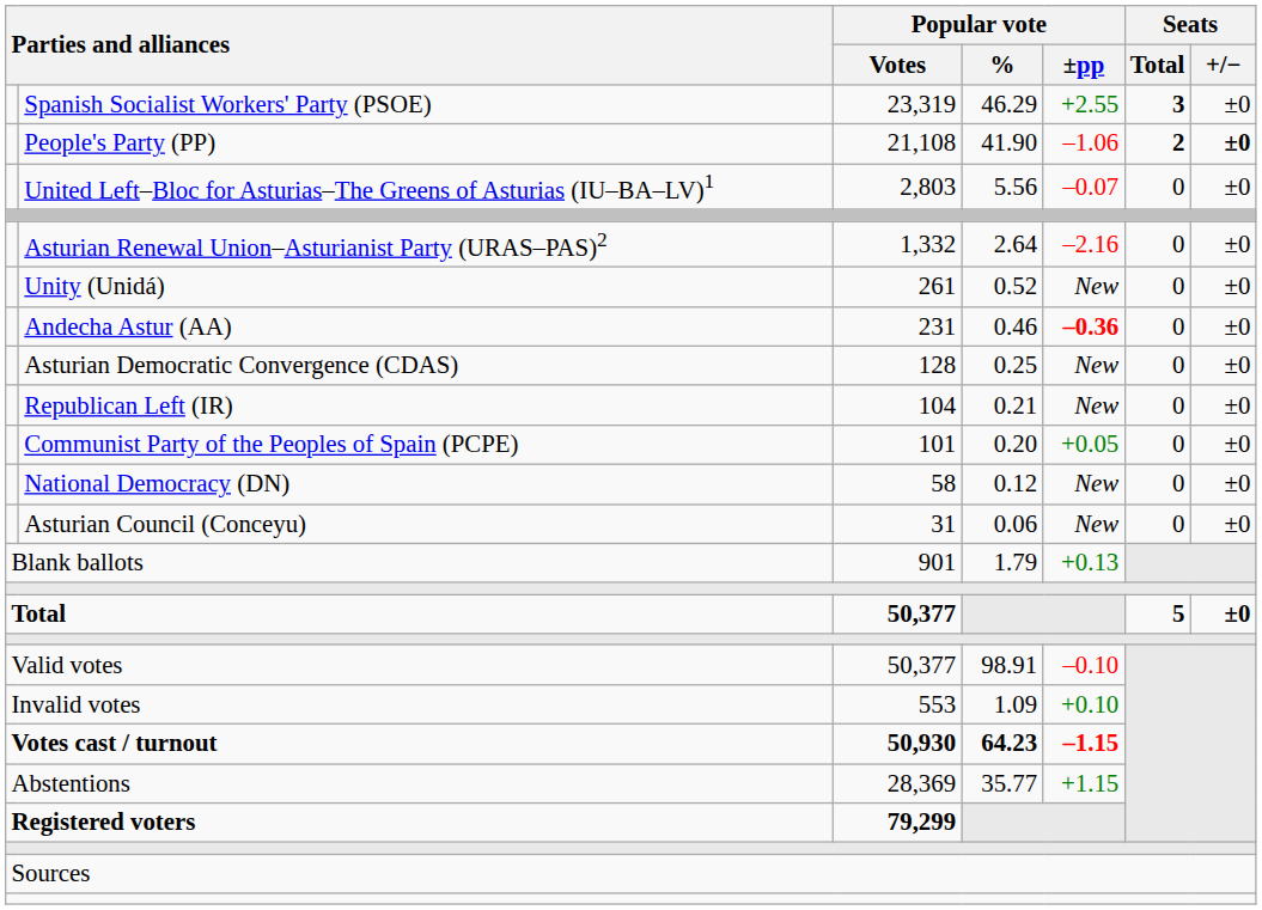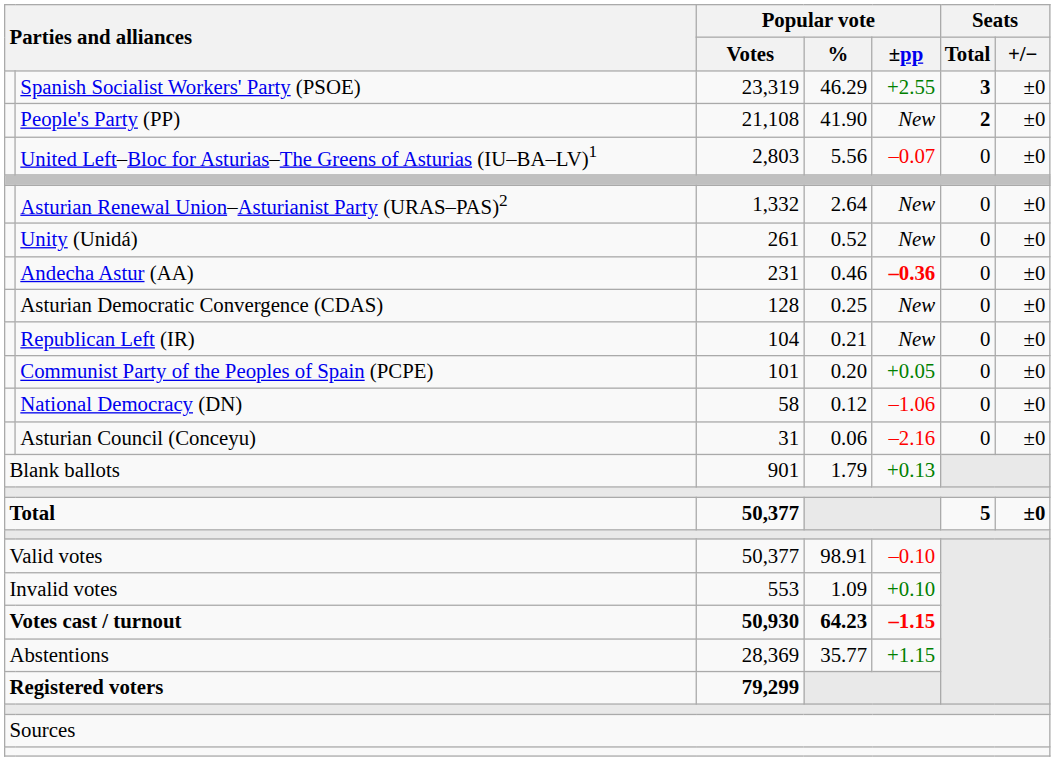 <table class="wikitable" style="text-align:right;">
 <tr>
 <th style="text-align:left;" rowspan="2" colspan="2" width="525">Parties and alliances</th>
 <th colspan="3">Popular vote</th>
 <th colspan="2">Seats</th>
 </tr>
 <tr>
 <th width="75">Votes</th>
 <th width="45">%</th>
 <th width="45">±<a href='#'>pp</a></th>
 <th width="35">Total</th>
 <th width="35">+/−</th>
 </tr>
 <tr>
 <td width="1" style="color:inherit;background:"></td>
 <td align="left"><a href='#'>Spanish Socialist Workers' Party</a> (PSOE)</td>
 <td>23,319</td>
 <td>46.29</td>
 <td style="color:green;">+2.55</td>
 <td><strong>3</strong></td>
 <td>±0</td>
 </tr>
 <tr>
 <td style="color:inherit;background:"></td>
 <td align="left"><a href='#'>People's Party</a> (PP)</td>
 <td>21,108</td>
 <td>41.90</td>
-<td style="color:red;">–1.06</td>
+<td><em>New</em></td>
 <td><strong>2</strong></td>
-<td><strong>±0</strong></td>
+<td>±0</td>
 </tr>
 <tr>
 <td style="color:inherit;background:"></td>
 <td align="left"><a href='#'>United Left</a>–<a href='#'>Bloc for Asturias</a>–<a href='#'>The Greens of Asturias</a> (IU–BA–LV)<sup>1</sup></td>
 <td>2,803</td>
 <td>5.56</td>
 <td style="color:red;">–0.07</td>
 <td>0</td>
 <td>±0</td>
 </tr>
 <tr>
 <td colspan="7" bgcolor="#C0C0C0"></td>
 </tr>
 <tr>
 <td style="color:inherit;background:"></td>
 <td align="left"><a href='#'>Asturian Renewal Union</a>–<a href='#'>Asturianist Party</a> (URAS–PAS)<sup>2</sup></td>
 <td>1,332</td>
 <td>2.64</td>
-<td style="color:red;">–2.16</td>
+<td><em>New</em></td>
 <td>0</td>
 <td>±0</td>
 </tr>
 <tr>
 <td style="color:inherit;background:"></td>
 <td align="left"><a href='#'>Unity</a> (Unidá)</td>
 <td>261</td>
 <td>0.52</td>
 <td><em>New</em></td>
 <td>0</td>
 <td>±0</td>
 </tr>
 <tr>
 <td style="color:inherit;background:"></td>
 <td align="left"><a href='#'>Andecha Astur</a> (AA)</td>
 <td>231</td>
 <td>0.46</td>
 <td style="color:red;"><strong>–0.36</strong></td>
 <td>0</td>
 <td>±0</td>
 </tr>
 <tr>
 <td style="color:inherit;background:"></td>
 <td align="left">Asturian Democratic Convergence (CDAS)</td>
 <td>128</td>
 <td>0.25</td>
 <td><em>New</em></td>
 <td>0</td>
 <td>±0</td>
 </tr>
 <tr>
 <td style="color:inherit;background:"></td>
 <td align="left"><a href='#'>Republican Left</a> (IR)</td>
 <td>104</td>
 <td>0.21</td>
 <td><em>New</em></td>
 <td>0</td>
 <td>±0</td>
 </tr>
 <tr>
 <td style="color:inherit;background:"></td>
 <td align="left"><a href='#'>Communist Party of the Peoples of Spain</a> (PCPE)</td>
 <td>101</td>
 <td>0.20</td>
 <td style="color:green;">+0.05</td>
 <td>0</td>
 <td>±0</td>
 </tr>
 <tr>
 <td style="color:inherit;background:"></td>
 <td align="left"><a href='#'>National Democracy</a> (DN)</td>
 <td>58</td>
 <td>0.12</td>
-<td><em>New</em></td>
+<td style="color:red;">–1.06</td>
 <td>0</td>
 <td>±0</td>
 </tr>
 <tr>
 <td style="color:inherit;background:"></td>
 <td align="left">Asturian Council (Conceyu)</td>
 <td>31</td>
 <td>0.06</td>
-<td><em>New</em></td>
+<td style="color:red;">–2.16</td>
 <td>0</td>
 <td>±0</td>
 </tr>
 <tr>
 <td align="left" colspan="2">Blank ballots</td>
 <td>901</td>
 <td>1.79</td>
 <td style="color:green;">+0.13</td>
 <td bgcolor="#E9E9E9" colspan="2"></td>
 </tr>
 <tr>
 <td colspan="7" bgcolor="#E9E9E9"></td>
 </tr>
 <tr style="font-weight:bold;">
 <td align="left" colspan="2">Total</td>
 <td>50,377</td>
 <td bgcolor="#E9E9E9" colspan="2"></td>
 <td>5</td>
 <td>±0</td>
 </tr>
 <tr>
 <td colspan="7" bgcolor="#E9E9E9"></td>
 </tr>
 <tr>
 <td align="left" colspan="2">Valid votes</td>
 <td>50,377</td>
 <td>98.91</td>
 <td style="color:red;">–0.10</td>
 <td bgcolor="#E9E9E9" colspan="2" rowspan="5"></td>
 </tr>
 <tr>
 <td align="left" colspan="2">Invalid votes</td>
 <td>553</td>
 <td>1.09</td>
 <td style="color:green;">+0.10</td>
 </tr>
 <tr style="font-weight:bold;">
 <td align="left" colspan="2">Votes cast / turnout</td>
 <td>50,930</td>
 <td>64.23</td>
 <td style="color:red;">–1.15</td>
 </tr>
 <tr>
 <td align="left" colspan="2">Abstentions</td>
 <td>28,369</td>
 <td>35.77</td>
 <td style="color:green;">+1.15</td>
 </tr>
 <tr style="font-weight:bold;">
 <td align="left" colspan="2">Registered voters</td>
 <td>79,299</td>
 <td bgcolor="#E9E9E9" colspan="2"></td>
 </tr>
 <tr>
 <td colspan="7" bgcolor="#E9E9E9"></td>
 </tr>
 <tr>
 <td align="left" colspan="7">Sources</td>
 </tr>
 <tr>
 <td colspan="7" style="text-align:left; max-width:790px;"></td>
 </tr>
 </table>
